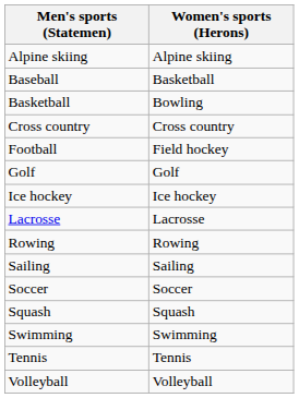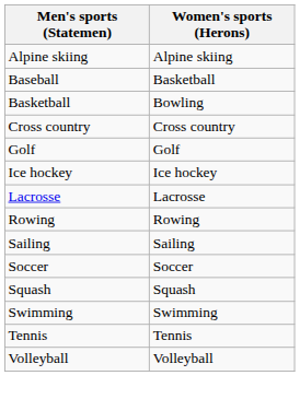 <table class="wikitable"; style= "text-align: ">
 <tr>
 <th width=150px>Men's sports<br>(Statemen)</th>
 <th width=150px>Women's sports<br>(Herons)</th>
 </tr>
 <tr>
 <td>Alpine skiing</td>
 <td>Alpine skiing</td>
 </tr>
 <tr>
 <td>Baseball</td>
 <td>Basketball</td>
 </tr>
 <tr>
 <td>Basketball</td>
 <td>Bowling</td>
 </tr>
 <tr>
 <td>Cross country</td>
 <td>Cross country</td>
-</tr>
-<tr>
-<td>Football</td>
-<td>Field hockey</td>
 </tr>
 <tr>
 <td>Golf</td>
 <td>Golf</td>
 </tr>
 <tr>
 <td>Ice hockey</td>
 <td>Ice hockey</td>
 </tr>
 <tr>
 <td><a href='#'>Lacrosse</a></td>
 <td>Lacrosse</td>
 </tr>
 <tr>
 <td>Rowing</td>
 <td>Rowing</td>
 </tr>
 <tr>
 <td>Sailing</td>
 <td>Sailing</td>
 </tr>
 <tr>
 <td>Soccer</td>
 <td>Soccer</td>
 </tr>
 <tr>
 <td>Squash</td>
 <td>Squash</td>
 </tr>
 <tr>
 <td>Swimming</td>
 <td>Swimming</td>
 </tr>
 <tr>
 <td>Tennis</td>
 <td>Tennis</td>
 </tr>
 <tr>
 <td>Volleyball</td>
 <td>Volleyball</td>
 </tr>
 </table>
